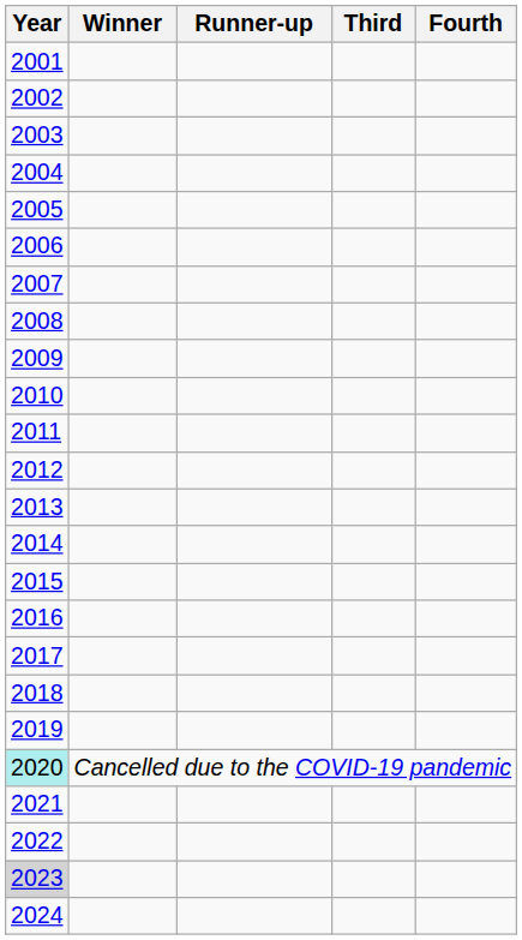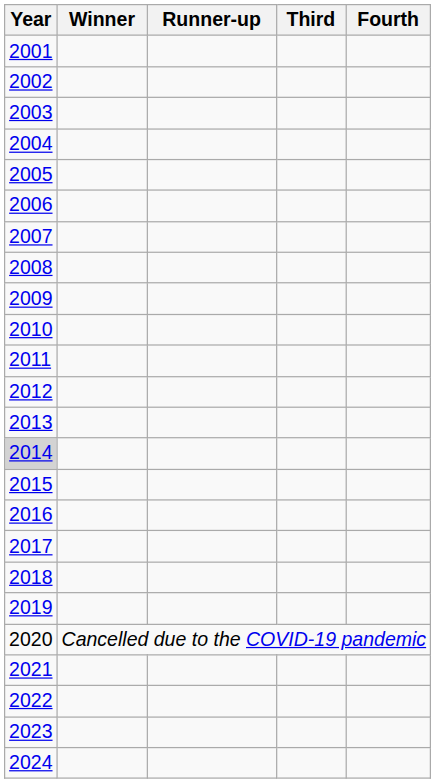 <table class="wikitable">
 <tr>
 <th>Year</th>
 <th>Winner</th>
 <th>Runner-up</th>
 <th>Third</th>
 <th>Fourth</th>
 </tr>
 <tr>
 <td><a href='#'>2001</a></td>
 <td></td>
 <td></td>
 <td></td>
 <td></td>
 </tr>
 <tr>
 <td><a href='#'>2002</a></td>
 <td></td>
 <td></td>
 <td></td>
 <td></td>
 </tr>
 <tr>
 <td><a href='#'>2003</a></td>
 <td></td>
 <td></td>
 <td></td>
 <td></td>
 </tr>
 <tr>
 <td><a href='#'>2004</a></td>
 <td></td>
 <td></td>
 <td></td>
 <td></td>
 </tr>
 <tr>
 <td><a href='#'>2005</a></td>
 <td></td>
 <td></td>
 <td></td>
 <td></td>
 </tr>
 <tr>
 <td><a href='#'>2006</a></td>
 <td></td>
 <td></td>
 <td></td>
 <td></td>
 </tr>
 <tr>
 <td><a href='#'>2007</a></td>
 <td></td>
 <td></td>
 <td></td>
 <td></td>
 </tr>
 <tr>
 <td><a href='#'>2008</a></td>
 <td></td>
 <td></td>
 <td></td>
 <td></td>
 </tr>
 <tr>
 <td><a href='#'>2009</a></td>
 <td></td>
 <td></td>
 <td></td>
 <td></td>
 </tr>
 <tr>
 <td><a href='#'>2010</a></td>
 <td></td>
 <td></td>
 <td></td>
 <td></td>
 </tr>
 <tr>
 <td><a href='#'>2011</a></td>
 <td></td>
 <td></td>
 <td></td>
 <td></td>
 </tr>
 <tr>
 <td><a href='#'>2012</a></td>
 <td></td>
 <td></td>
 <td></td>
 <td></td>
 </tr>
 <tr>
 <td><a href='#'>2013</a></td>
 <td></td>
 <td></td>
 <td></td>
 <td></td>
 </tr>
 <tr>
-<td><a href='#'>2014</a></td>
+<td style="background: lightgrey;"><a href='#'>2014</a></td>
 <td></td>
 <td></td>
 <td></td>
 <td></td>
 </tr>
 <tr>
 <td><a href='#'>2015</a></td>
 <td></td>
 <td></td>
 <td></td>
 <td></td>
 </tr>
 <tr>
 <td><a href='#'>2016</a></td>
 <td></td>
 <td></td>
 <td></td>
 <td></td>
 </tr>
 <tr>
 <td><a href='#'>2017</a></td>
 <td></td>
 <td></td>
 <td></td>
 <td></td>
 </tr>
 <tr>
 <td><a href='#'>2018</a></td>
 <td></td>
 <td></td>
 <td></td>
 <td></td>
 </tr>
 <tr>
 <td><a href='#'>2019</a></td>
 <td></td>
 <td></td>
 <td></td>
 <td></td>
 </tr>
 <tr>
-<td style="background: paleturquoise;">2020</td>
+<td>2020</td>
 <td colspan=4><em>Cancelled due to the <a href='#'>COVID-19 pandemic</a></em></td>
 </tr>
 <tr>
 <td><a href='#'>2021</a></td>
 <td></td>
 <td></td>
 <td></td>
 <td></td>
 </tr>
 <tr>
 <td><a href='#'>2022</a></td>
 <td></td>
 <td></td>
 <td></td>
 <td></td>
 </tr>
 <tr>
-<td style="background: lightgrey;"><a href='#'>2023</a></td>
+<td><a href='#'>2023</a></td>
 <td></td>
 <td></td>
 <td></td>
 <td></td>
 </tr>
 <tr>
 <td><a href='#'>2024</a></td>
 <td></td>
 <td></td>
 <td></td>
 <td></td>
 </tr>
 </table>
